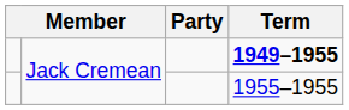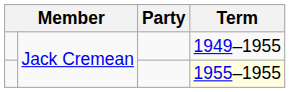 <table class="wikitable">
 <tr>
 <th colspan="2">Member</th>
 <th>Party</th>
 <th>Term</th>
 </tr>
 <tr>
 <td> </td>
 <td rowspan="2"><a href='#'>Jack Cremean</a></td>
 <td></td>
-<td><strong><a href='#'>1949</a>–1955</strong></td>
+<td><a href='#'>1949</a>–1955</td>
 </tr>
 <tr>
 <td> </td>
 <td></td>
-<td><a href='#'>1955</a>–1955</td>
+<td style="background: lightyellow;"><a href='#'>1955</a>–1955</td>
 </tr>
 </table>
